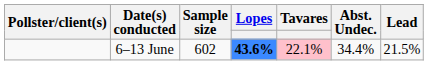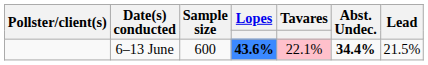 <table class="wikitable" style="text-align:center;font-size:90%;line-height:14px;">
 <tr>
 <th rowspan="2">Pollster/client(s)</th>
 <th rowspan="2">Date(s)<br>conducted</th>
 <th rowspan="2">Sample<br>size</th>
 <th><a href='#'>Lopes</a><br></th>
 <th>Tavares<br></th>
 <th rowspan="2">Abst.<br>Undec.</th>
 <th rowspan="2">Lead</th>
 </tr>
 <tr>
 <th class="sortable" data-sort-type="number" style="background:"></th>
 <th class="sortable" data-sort-type="number" style="background:"></th>
 </tr>
 <tr>
 <td></td>
 <td>6–13 June</td>
-<td>602</td>
+<td>600</td>
 <td style="background:#3b89ff;"><strong>43.6%</strong></td>
 <td style="background: pink;">22.1%</td>
-<td>34.4%</td>
+<td><strong>34.4%</strong></td>
 <td style="background:">21.5%</td>
 </tr>
 </table>
